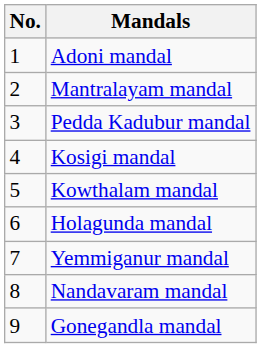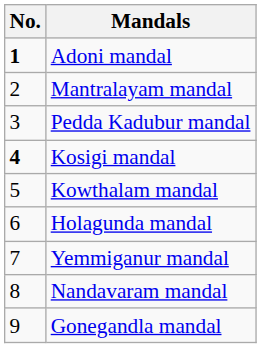 <table class="wikitable">
 <tr>
 <th>No.</th>
 <th>Mandals</th>
 </tr>
 <tr>
-<td>1</td>
+<td><strong>1</strong></td>
 <td><a href='#'>Adoni mandal</a></td>
 </tr>
 <tr>
 <td>2</td>
 <td><a href='#'>Mantralayam mandal</a></td>
 </tr>
 <tr>
 <td>3</td>
 <td><a href='#'>Pedda Kadubur mandal</a></td>
 </tr>
 <tr>
-<td>4</td>
+<td><strong>4</strong></td>
 <td><a href='#'>Kosigi mandal</a></td>
 </tr>
 <tr>
 <td>5</td>
 <td><a href='#'>Kowthalam mandal</a></td>
 </tr>
 <tr>
 <td>6</td>
 <td><a href='#'>Holagunda mandal</a></td>
 </tr>
 <tr>
 <td>7</td>
 <td><a href='#'>Yemmiganur mandal</a></td>
 </tr>
 <tr>
 <td>8</td>
 <td><a href='#'>Nandavaram mandal</a></td>
 </tr>
 <tr>
 <td>9</td>
 <td><a href='#'>Gonegandla mandal</a></td>
 </tr>
 </table>
